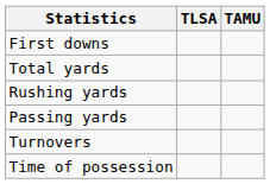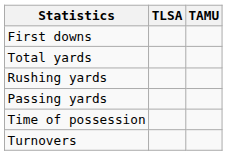 <table class="wikitable" style="float: left;">
 <tr>
 <th>Statistics</th>
 <th>TLSA</th>
 <th>TAMU</th>
 </tr>
 <tr>
 <td>First downs</td>
 <td></td>
 <td></td>
 </tr>
 <tr>
 <td>Total yards</td>
 <td></td>
 <td></td>
 </tr>
 <tr>
 <td>Rushing yards</td>
 <td></td>
 <td></td>
 </tr>
 <tr>
 <td>Passing yards</td>
 <td></td>
 <td></td>
 </tr>
 <tr>
+<td>Time of possession</td>
+<td></td>
+<td></td>
+</tr>
+<tr>
 <td>Turnovers</td>
 <td></td>
 <td></td>
 </tr>
-<tr>
-<td>Time of possession</td>
-<td></td>
-<td></td>
-</tr>
 </table>
